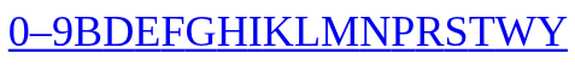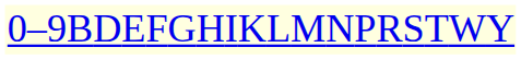 <table id="toc" class="toc" summary="Class">
 <tr>
 <th></th>
 </tr>
 <tr>
-<td style="text-align:center;"><a href='#'>0–9</a><a href='#'>B</a><a href='#'>D</a><a href='#'>E</a><a href='#'>F</a><a href='#'>G</a><a href='#'>H</a><a href='#'>I</a><a href='#'>K</a><a href='#'>L</a><a href='#'>M</a><a href='#'>N</a><a href='#'>P</a><a href='#'>R</a><a href='#'>S</a><a href='#'>T</a><a href='#'>W</a><a href='#'>Y</a></td>
+<td style="background: lightyellow; text-align:center;"><a href='#'>0–9</a><a href='#'>B</a><a href='#'>D</a><a href='#'>E</a><a href='#'>F</a><a href='#'>G</a><a href='#'>H</a><a href='#'>I</a><a href='#'>K</a><a href='#'>L</a><a href='#'>M</a><a href='#'>N</a><a href='#'>P</a><a href='#'>R</a><a href='#'>S</a><a href='#'>T</a><a href='#'>W</a><a href='#'>Y</a></td>
 </tr>
 </table>
